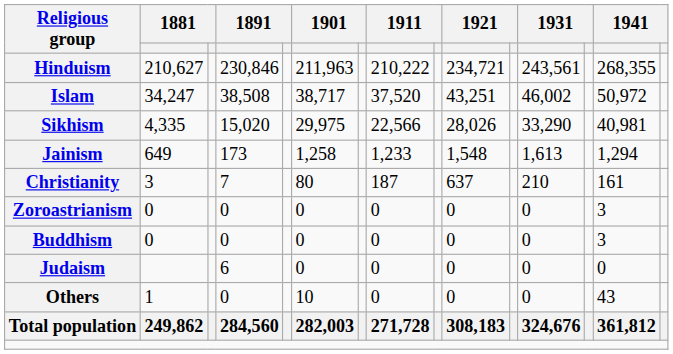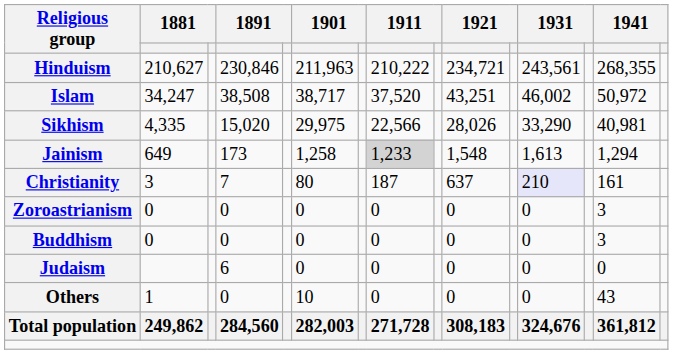 <table class="wikitable sortable">
 <tr>
 <th rowspan="2"><a href='#'>Religious</a><br>group</th>
 <th colspan="2">1881</th>
 <th colspan="2">1891</th>
 <th colspan="2">1901</th>
 <th colspan="2">1911</th>
 <th colspan="2">1921</th>
 <th colspan="2">1931</th>
 <th colspan="2">1941</th>
 </tr>
 <tr>
 <th><a href='#'></a></th>
 <th></th>
 <th></th>
 <th></th>
 <th></th>
 <th></th>
 <th></th>
 <th></th>
 <th></th>
 <th></th>
 <th></th>
 <th></th>
 <th></th>
 <th></th>
 </tr>
 <tr>
 <th><a href='#'>Hinduism</a> </th>
 <td>210,627</td>
 <td></td>
 <td>230,846</td>
 <td></td>
 <td>211,963</td>
 <td></td>
 <td>210,222</td>
 <td></td>
 <td>234,721</td>
 <td></td>
 <td>243,561</td>
 <td></td>
 <td>268,355</td>
 <td></td>
 </tr>
 <tr>
 <th><a href='#'>Islam</a> </th>
 <td>34,247</td>
 <td></td>
 <td>38,508</td>
 <td></td>
 <td>38,717</td>
 <td></td>
 <td>37,520</td>
 <td></td>
 <td>43,251</td>
 <td></td>
 <td>46,002</td>
 <td></td>
 <td>50,972</td>
 <td></td>
 </tr>
 <tr>
 <th><a href='#'>Sikhism</a> </th>
 <td>4,335</td>
 <td></td>
 <td>15,020</td>
 <td></td>
 <td>29,975</td>
 <td></td>
 <td>22,566</td>
 <td></td>
 <td>28,026</td>
 <td></td>
 <td>33,290</td>
 <td></td>
 <td>40,981</td>
 <td></td>
 </tr>
 <tr>
 <th><a href='#'>Jainism</a> </th>
 <td>649</td>
 <td></td>
 <td>173</td>
 <td></td>
 <td>1,258</td>
 <td></td>
-<td>1,233</td>
+<td style="background: lightgrey;">1,233</td>
 <td></td>
 <td>1,548</td>
 <td></td>
 <td>1,613</td>
 <td></td>
 <td>1,294</td>
 <td></td>
 </tr>
 <tr>
 <th><a href='#'>Christianity</a> </th>
 <td>3</td>
 <td></td>
 <td>7</td>
 <td></td>
 <td>80</td>
 <td></td>
 <td>187</td>
 <td></td>
 <td>637</td>
 <td></td>
-<td>210</td>
+<td style="background: lavender;">210</td>
 <td></td>
 <td>161</td>
 <td></td>
 </tr>
 <tr>
 <th><a href='#'>Zoroastrianism</a> </th>
 <td>0</td>
 <td></td>
 <td>0</td>
 <td></td>
 <td>0</td>
 <td></td>
 <td>0</td>
 <td></td>
 <td>0</td>
 <td></td>
 <td>0</td>
 <td></td>
 <td>3</td>
 <td></td>
 </tr>
 <tr>
 <th><a href='#'>Buddhism</a> </th>
 <td>0</td>
 <td></td>
 <td>0</td>
 <td></td>
 <td>0</td>
 <td></td>
 <td>0</td>
 <td></td>
 <td>0</td>
 <td></td>
 <td>0</td>
 <td></td>
 <td>3</td>
 <td></td>
 </tr>
 <tr>
 <th><a href='#'>Judaism</a> </th>
 <td></td>
 <td></td>
 <td>6</td>
 <td></td>
 <td>0</td>
 <td></td>
 <td>0</td>
 <td></td>
 <td>0</td>
 <td></td>
 <td>0</td>
 <td></td>
 <td>0</td>
 <td></td>
 </tr>
 <tr>
 <th>Others</th>
 <td>1</td>
 <td></td>
 <td>0</td>
 <td></td>
 <td>10</td>
 <td></td>
 <td>0</td>
 <td></td>
 <td>0</td>
 <td></td>
 <td>0</td>
 <td></td>
 <td>43</td>
 <td></td>
 </tr>
 <tr>
 <th>Total population</th>
 <th>249,862</th>
 <th></th>
 <th>284,560</th>
 <th></th>
 <th>282,003</th>
 <th></th>
 <th>271,728</th>
 <th></th>
 <th>308,183</th>
 <th></th>
 <th>324,676</th>
 <th></th>
 <th>361,812</th>
 <th></th>
 </tr>
 <tr class="sortbottom">
 <td colspan="15"></td>
 </tr>
 </table>
